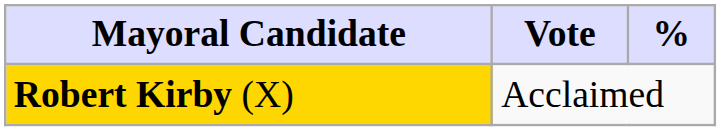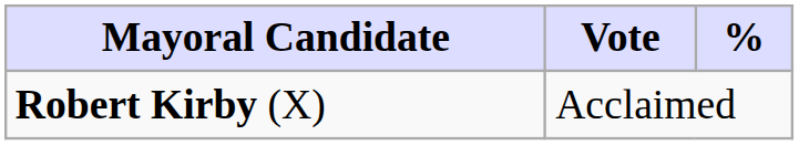 <table class="wikitable">
 <tr>
 <th style="background:#ddf; width:200px;">Mayoral Candidate</th>
 <th style="background:#ddf; width:50px;">Vote</th>
 <th style="background:#ddf; width:30px;">%</th>
 </tr>
 <tr>
-<td style="background: gold;"><strong>Robert Kirby</strong> (X)</td>
+<td><strong>Robert Kirby</strong> (X)</td>
 <td colspan="2">Acclaimed</td>
 </tr>
 </table>
